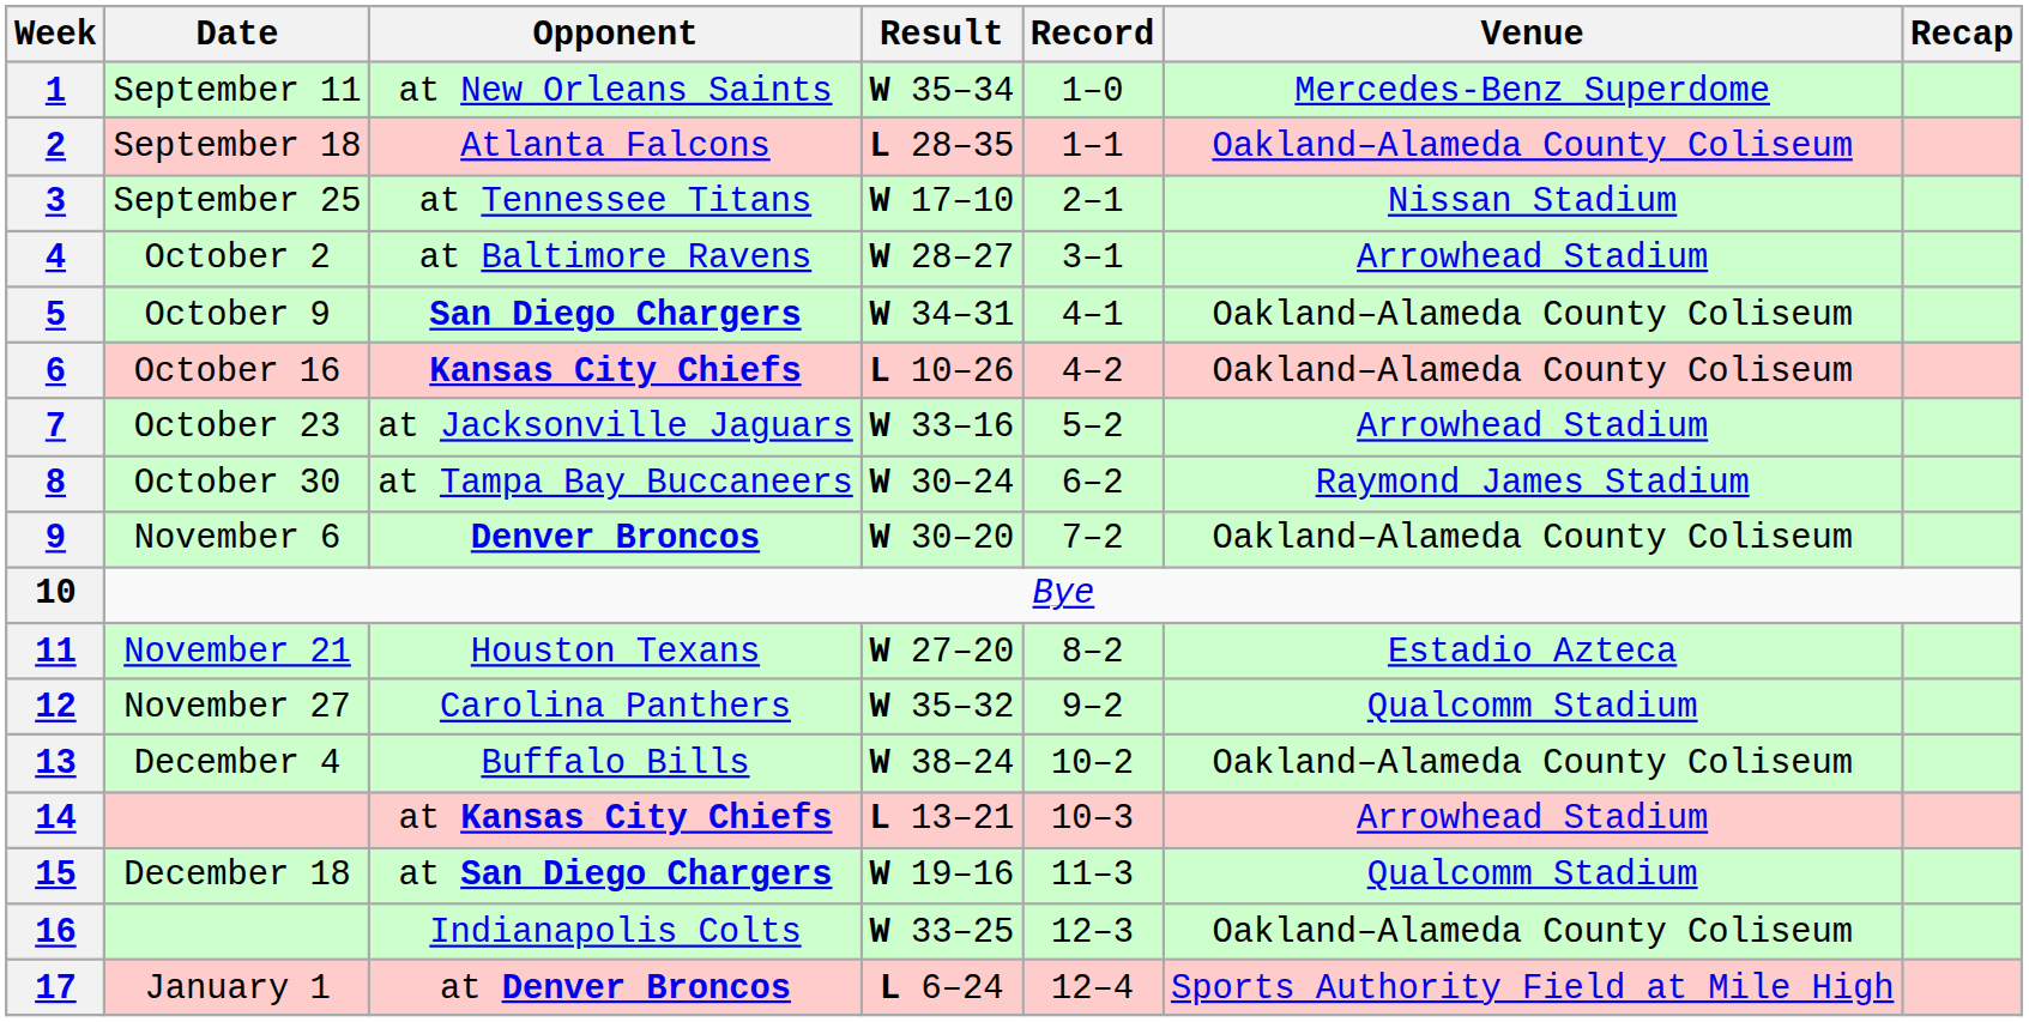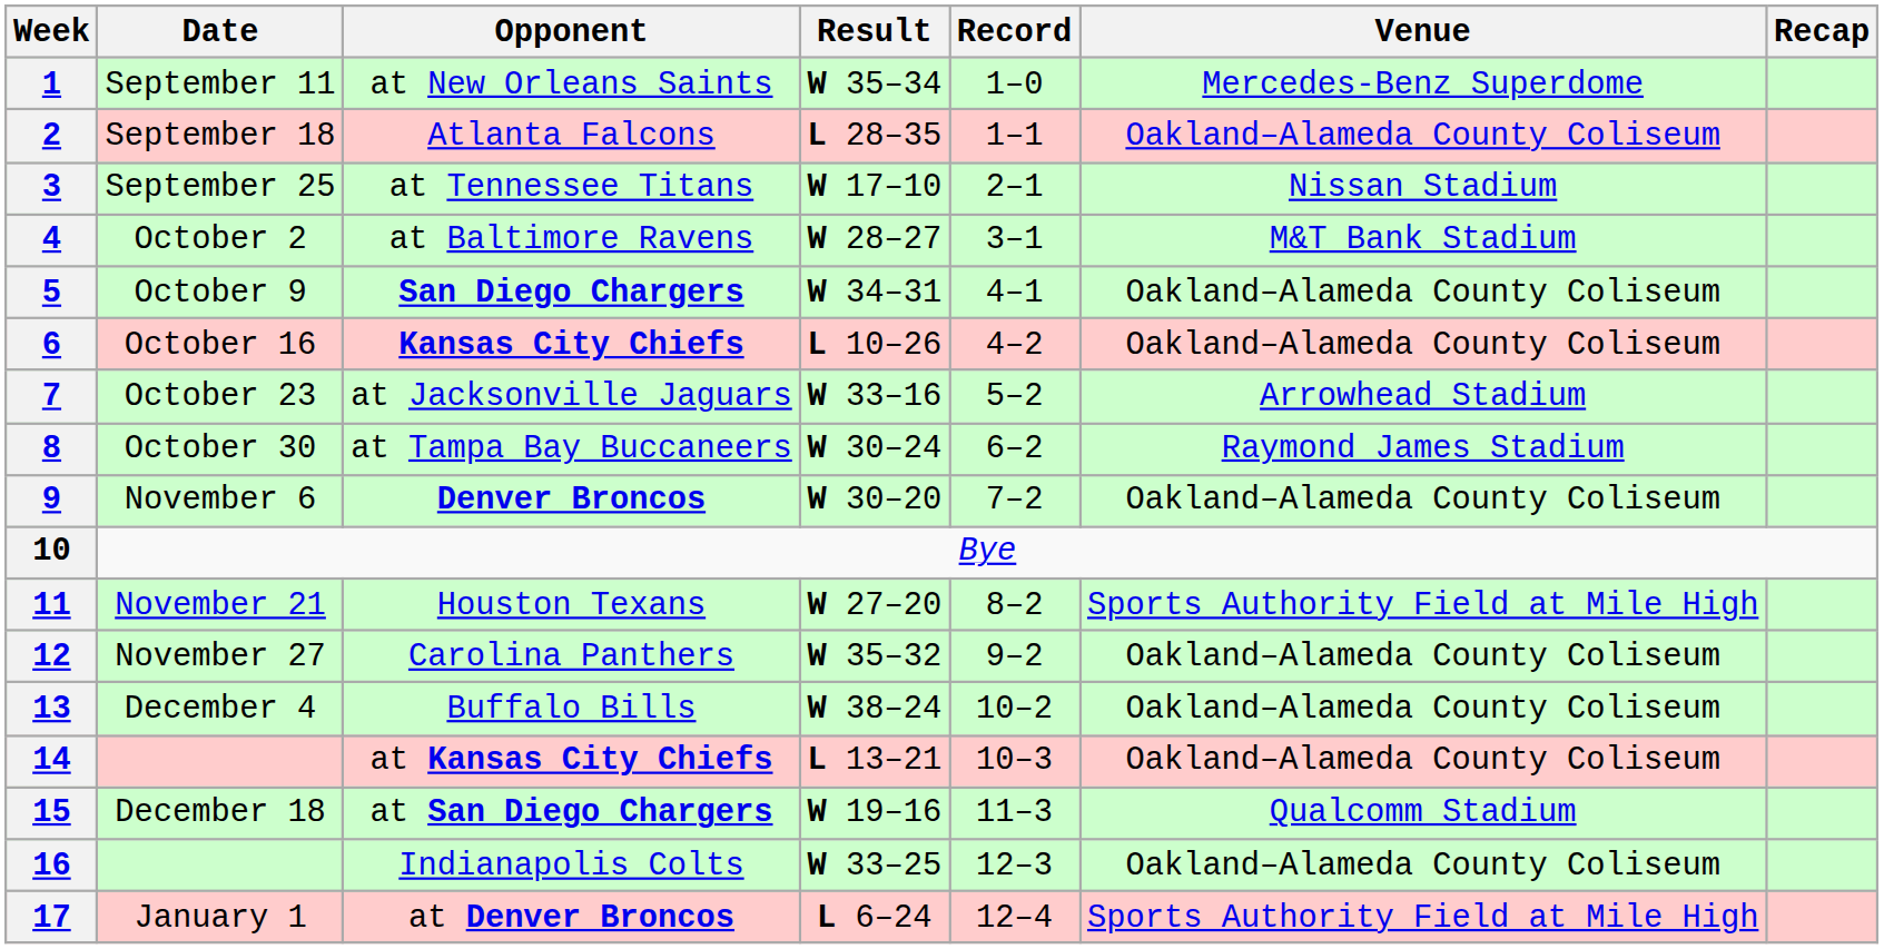 <table class="wikitable" style="text-align:center">
 <tr>
 <th>Week</th>
 <th>Date</th>
 <th>Opponent</th>
 <th>Result</th>
 <th>Record</th>
 <th>Venue</th>
 <th>Recap</th>
 </tr>
 <tr style="background:#cfc">
 <th><a href='#'>1</a></th>
 <td>September 11</td>
 <td>at <a href='#'>New Orleans Saints</a></td>
 <td><strong>W</strong> 35–34</td>
 <td>1–0</td>
 <td><a href='#'>Mercedes-Benz Superdome</a></td>
 <td></td>
 </tr>
 <tr style="background:#fcc">
 <th><a href='#'>2</a></th>
 <td>September 18</td>
 <td><a href='#'>Atlanta Falcons</a></td>
 <td><strong>L</strong> 28–35</td>
 <td>1–1</td>
 <td><a href='#'>Oakland–Alameda County Coliseum</a></td>
 <td></td>
 </tr>
 <tr style="background:#cfc">
 <th><a href='#'>3</a></th>
 <td>September 25</td>
 <td>at <a href='#'>Tennessee Titans</a></td>
 <td><strong>W</strong> 17–10</td>
 <td>2–1</td>
 <td><a href='#'>Nissan Stadium</a></td>
 <td></td>
 </tr>
 <tr style="background:#cfc">
 <th><a href='#'>4</a></th>
 <td>October 2</td>
 <td>at <a href='#'>Baltimore Ravens</a></td>
 <td><strong>W</strong> 28–27</td>
 <td>3–1</td>
-<td><a href='#'>Arrowhead Stadium</a></td>
+<td><a href='#'>M&T Bank Stadium</a></td>
 <td></td>
 </tr>
 <tr style="background:#cfc">
 <th><a href='#'>5</a></th>
 <td>October 9</td>
 <td><strong><a href='#'>San Diego Chargers</a></strong></td>
 <td><strong>W</strong> 34–31</td>
 <td>4–1</td>
 <td>Oakland–Alameda County Coliseum</td>
 <td></td>
 </tr>
 <tr style="background:#fcc">
 <th><a href='#'>6</a></th>
 <td>October 16</td>
 <td><strong><a href='#'>Kansas City Chiefs</a></strong></td>
 <td><strong>L</strong> 10–26</td>
 <td>4–2</td>
 <td>Oakland–Alameda County Coliseum</td>
 <td></td>
 </tr>
 <tr style="background:#cfc">
 <th><a href='#'>7</a></th>
 <td>October 23</td>
 <td>at <a href='#'>Jacksonville Jaguars</a></td>
 <td><strong>W</strong> 33–16</td>
 <td>5–2</td>
 <td><a href='#'>Arrowhead Stadium</a></td>
 <td></td>
 </tr>
 <tr style="background:#cfc">
 <th><a href='#'>8</a></th>
 <td>October 30</td>
 <td>at <a href='#'>Tampa Bay Buccaneers</a></td>
 <td><strong>W</strong> 30–24 </td>
 <td>6–2</td>
 <td><a href='#'>Raymond James Stadium</a></td>
 <td></td>
 </tr>
 <tr style="background:#cfc">
 <th><a href='#'>9</a></th>
 <td>November 6</td>
 <td><strong><a href='#'>Denver Broncos</a></strong></td>
 <td><strong>W</strong> 30–20</td>
 <td>7–2</td>
 <td>Oakland–Alameda County Coliseum</td>
 <td></td>
 </tr>
 <tr>
 <th>10</th>
 <td colspan="6"><em><a href='#'>Bye</a></em></td>
 </tr>
 <tr style="background:#cfc">
 <th><a href='#'>11</a></th>
 <td><a href='#'>November 21</a></td>
 <td><a href='#'>Houston Texans</a></td>
 <td><strong>W</strong> 27–20</td>
 <td>8–2</td>
-<td> <a href='#'>Estadio Azteca</a> </td>
+<td><a href='#'>Sports Authority Field at Mile High</a></td>
 <td></td>
 </tr>
 <tr style="background:#cfc">
 <th><a href='#'>12</a></th>
 <td>November 27</td>
 <td><a href='#'>Carolina Panthers</a></td>
 <td><strong>W</strong> 35–32</td>
 <td>9–2</td>
-<td><a href='#'>Qualcomm Stadium</a></td>
+<td>Oakland–Alameda County Coliseum</td>
 <td></td>
 </tr>
 <tr style="background:#cfc">
 <th><a href='#'>13</a></th>
 <td>December 4</td>
 <td><a href='#'>Buffalo Bills</a></td>
 <td><strong>W</strong> 38–24</td>
 <td>10–2</td>
 <td>Oakland–Alameda County Coliseum</td>
 <td></td>
 </tr>
 <tr style="background:#fcc">
 <th><a href='#'>14</a></th>
 <td></td>
 <td>at <strong><a href='#'>Kansas City Chiefs</a></strong></td>
 <td><strong>L</strong> 13–21</td>
 <td>10–3</td>
-<td><a href='#'>Arrowhead Stadium</a></td>
+<td>Oakland–Alameda County Coliseum</td>
 <td></td>
 </tr>
 <tr style="background:#cfc">
 <th><a href='#'>15</a></th>
 <td>December 18</td>
 <td>at <strong><a href='#'>San Diego Chargers</a></strong></td>
 <td><strong>W</strong> 19–16</td>
 <td>11–3</td>
 <td><a href='#'>Qualcomm Stadium</a></td>
 <td></td>
 </tr>
 <tr style="background:#cfc">
 <th><a href='#'>16</a></th>
 <td></td>
 <td><a href='#'>Indianapolis Colts</a></td>
 <td><strong>W</strong> 33–25</td>
 <td>12–3</td>
 <td>Oakland–Alameda County Coliseum</td>
 <td></td>
 </tr>
 <tr style="background:#fcc">
 <th><a href='#'>17</a></th>
 <td>January 1</td>
 <td>at <strong><a href='#'>Denver Broncos</a></strong></td>
 <td><strong>L</strong> 6–24</td>
 <td>12–4</td>
 <td><a href='#'>Sports Authority Field at Mile High</a></td>
 <td></td>
 </tr>
 </table>
